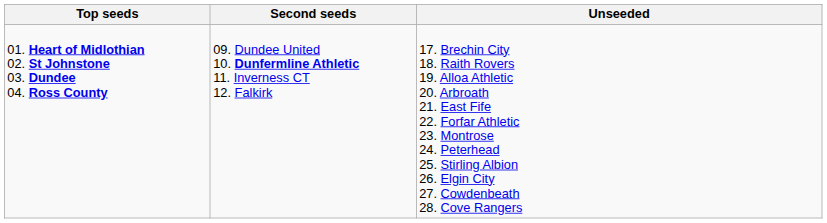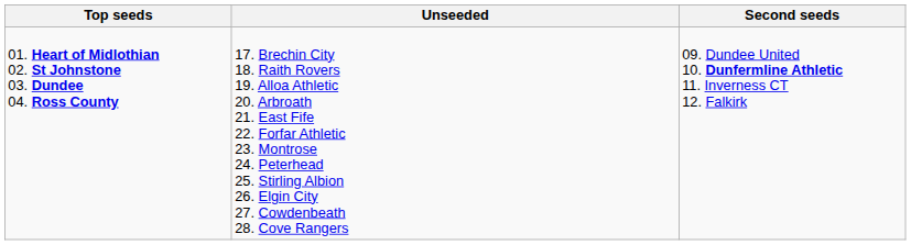 <table class="wikitable">
 <tr>
 <th style="width:250px;">Top seeds</th>
+<th style="width:500px;">Unseeded</th>
 <th style="width:250px;">Second seeds</th>
-<th style="width:500px;">Unseeded</th>
 </tr>
 <tr>
 <td valign=top><br>01. <strong><a href='#'>Heart of Midlothian</a></strong><br> 02. <strong><a href='#'>St Johnstone</a></strong><br> 03. <strong><a href='#'>Dundee</a></strong><br> 04. <strong><a href='#'>Ross County</a></strong><br></td>
+<td valign=top><br>  17. <a href='#'>Brechin City</a><br> 18. <a href='#'>Raith Rovers</a><br> 19. <a href='#'>Alloa Athletic</a><br> 20. <a href='#'>Arbroath</a><br> 21. <a href='#'>East Fife</a><br> 22. <a href='#'>Forfar Athletic</a><br>  23. <a href='#'>Montrose</a><br> 24. <a href='#'>Peterhead</a><br> 25. <a href='#'>Stirling Albion</a><br> 26. <a href='#'>Elgin City</a><br> 27. <a href='#'>Cowdenbeath</a><br> 28. <a href='#'>Cove Rangers</a><br> </td>
 <td valign=top><br>09. <a href='#'>Dundee United</a><br> 10. <strong><a href='#'>Dunfermline Athletic</a></strong><br> 11. <a href='#'>Inverness CT</a><br> 12. <a href='#'>Falkirk</a><br></td>
-<td valign=top><br>  17. <a href='#'>Brechin City</a><br> 18. <a href='#'>Raith Rovers</a><br> 19. <a href='#'>Alloa Athletic</a><br> 20. <a href='#'>Arbroath</a><br> 21. <a href='#'>East Fife</a><br> 22. <a href='#'>Forfar Athletic</a><br>  23. <a href='#'>Montrose</a><br> 24. <a href='#'>Peterhead</a><br> 25. <a href='#'>Stirling Albion</a><br> 26. <a href='#'>Elgin City</a><br> 27. <a href='#'>Cowdenbeath</a><br> 28. <a href='#'>Cove Rangers</a><br> </td>
 </tr>
 </table>
